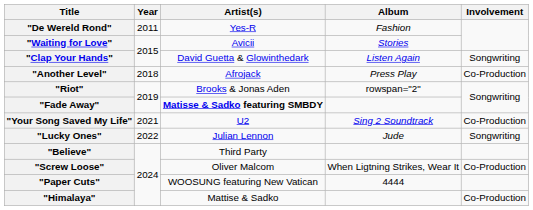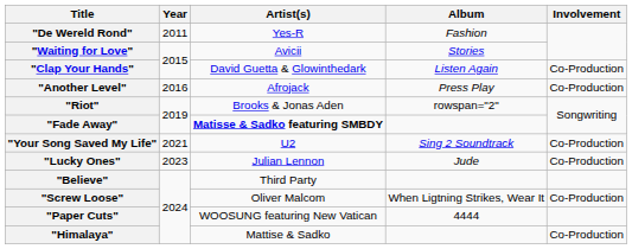 <table class="wikitable plainrowheaders" style="text-align:center;">
 <tr>
 <th scope="col">Title</th>
 <th scope="col">Year</th>
 <th scope="col">Artist(s)</th>
 <th scope="col">Album</th>
 <th scope="col">Involvement</th>
 </tr>
 <tr>
 <th scope="row">"De Wereld Rond"</th>
 <td>2011</td>
 <td><a href='#'>Yes-R</a></td>
 <td><em>Fashion</em></td>
 <td rowspan="2"></td>
 </tr>
 <tr>
 <th scope="row">"<a href='#'>Waiting for Love</a>"</th>
 <td rowspan="2">2015</td>
 <td><a href='#'>Avicii</a></td>
 <td><em><a href='#'>Stories</a></em></td>
 </tr>
 <tr>
 <th scope="row">"<a href='#'>Clap Your Hands</a>"</th>
 <td><a href='#'>David Guetta</a> & <a href='#'>Glowinthedark</a></td>
 <td><em><a href='#'>Listen Again</a></em></td>
-<td>Songwriting</td>
+<td>Co-Production</td>
 </tr>
 <tr>
 <th scope="row">"Another Level"</th>
-<td>2018</td>
+<td>2016</td>
 <td><a href='#'>Afrojack</a></td>
 <td><em>Press Play</em></td>
 <td>Co-Production</td>
 </tr>
 <tr>
 <th scope="row">"Riot"</th>
 <td rowspan="2">2019</td>
 <td><a href='#'>Brooks</a> & Jonas Aden</td>
 <td>rowspan="2" </td>
 <td rowspan="2">Songwriting</td>
 </tr>
 <tr>
 <th scope="row">"Fade Away"</th>
 <td><strong><a href='#'>Matisse & Sadko</a> featuring SMBDY</strong></td>
 </tr>
 <tr>
 <th scope="row">"Your Song Saved My Life"</th>
 <td>2021</td>
 <td><a href='#'>U2</a></td>
 <td><em><a href='#'>Sing 2 Soundtrack</a></em></td>
 <td>Co-Production</td>
 </tr>
 <tr>
 <th scope="row">"Lucky Ones"</th>
-<td>2022</td>
+<td>2023</td>
 <td><a href='#'>Julian Lennon</a></td>
 <td><em>Jude</em></td>
-<td>Songwriting</td>
+<td>Co-Production</td>
 </tr>
 <tr>
 <th scope="row">"Believe"</th>
 <td rowspan="4">2024</td>
 <td>Third Party</td>
 <td></td>
 <td></td>
 </tr>
 <tr>
 <th scope="row">"Screw Loose"</th>
 <td>Oliver Malcom</td>
 <td>When Ligtning Strikes, Wear It</td>
 <td>Co-Production</td>
 </tr>
 <tr>
 <th scope="row">"Paper Cuts"</th>
 <td>WOOSUNG featuring New Vatican</td>
 <td>4444</td>
 <td></td>
 </tr>
 <tr>
 <th scope="row">"Himalaya"</th>
 <td>Mattise & Sadko</td>
 <td></td>
 <td>Co-Production</td>
 </tr>
 </table>
